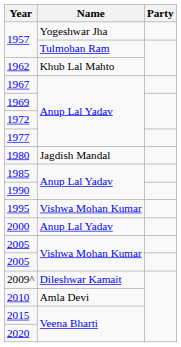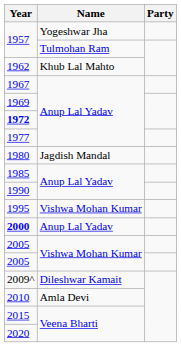 <table class="wikitable sortable">
 <tr>
 <th>Year</th>
 <th>Name</th>
 <th colspan="2">Party</th>
 </tr>
 <tr>
 <td rowspan="2"><a href='#'>1957</a></td>
 <td>Yogeshwar Jha</td>
 <td></td>
 </tr>
 <tr>
 <td><a href='#'>Tulmohan Ram</a></td>
 </tr>
 <tr>
 <td><a href='#'>1962</a></td>
 <td>Khub Lal Mahto</td>
 </tr>
 <tr>
 <td><a href='#'>1967</a></td>
 <td rowspan="4"><a href='#'>Anup Lal Yadav</a></td>
 <td></td>
 </tr>
 <tr>
 <td><a href='#'>1969</a></td>
 </tr>
 <tr>
-<td><a href='#'>1972</a></td>
+<td><strong><a href='#'>1972</a></strong></td>
 </tr>
 <tr>
 <td><a href='#'>1977</a></td>
 <td></td>
 </tr>
 <tr>
 <td><a href='#'>1980</a></td>
 <td>Jagdish Mandal</td>
 <td></td>
 </tr>
 <tr>
 <td><a href='#'>1985</a></td>
 <td rowspan="2"><a href='#'>Anup Lal Yadav</a></td>
 <td></td>
 </tr>
 <tr>
 <td><a href='#'>1990</a></td>
 <td></td>
 </tr>
 <tr>
 <td><a href='#'>1995</a></td>
 <td><a href='#'>Vishwa Mohan Kumar</a></td>
 <td></td>
 </tr>
 <tr>
-<td><a href='#'>2000</a></td>
+<td><strong><a href='#'>2000</a></strong></td>
 <td><a href='#'>Anup Lal Yadav</a></td>
 <td></td>
 </tr>
 <tr>
 <td><a href='#'>2005</a></td>
 <td rowspan="2"><a href='#'>Vishwa Mohan Kumar</a></td>
 <td></td>
 </tr>
 <tr>
 <td><a href='#'>2005</a></td>
 <td></td>
 </tr>
 <tr>
 <td>2009^</td>
 <td><a href='#'>Dileshwar Kamait</a></td>
 </tr>
 <tr>
 <td><a href='#'>2010</a></td>
 <td>Amla Devi</td>
 </tr>
 <tr>
 <td><a href='#'>2015</a></td>
 <td rowspan="2"><a href='#'>Veena Bharti</a></td>
 </tr>
 <tr>
 <td><a href='#'>2020</a></td>
 </tr>
 </table>
